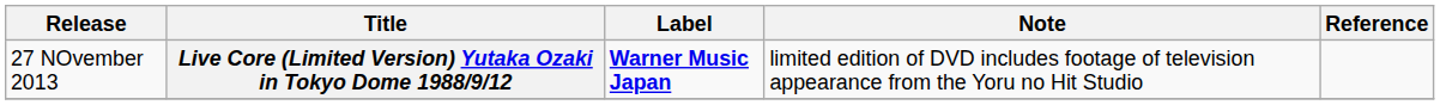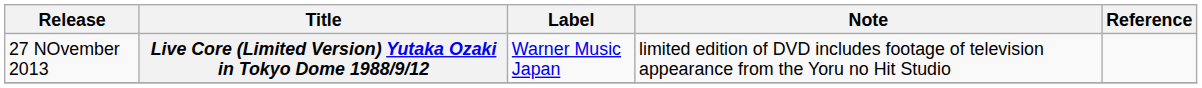 <table class="wikitable sortable" style="font-size:small">
 <tr>
 <th>Release</th>
 <th>Title</th>
 <th>Label</th>
 <th>Note</th>
 <th>Reference</th>
 </tr>
 <tr>
 <td>27 NOvember 2013</td>
 <th><em>Live Core (Limited Version) <a href='#'>Yutaka Ozaki</a> in Tokyo Dome 1988/9/12</em></th>
-<td><strong><a href='#'>Warner Music Japan</a></strong></td>
+<td><a href='#'>Warner Music Japan</a></td>
 <td>limited edition of DVD includes footage of television appearance from the Yoru no Hit Studio</td>
 <td></td>
 </tr>
 <tr>
 </tr>
 </table>
